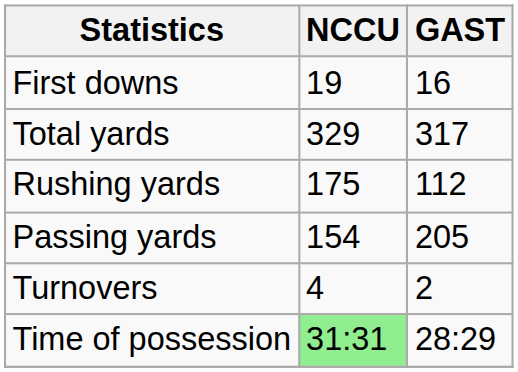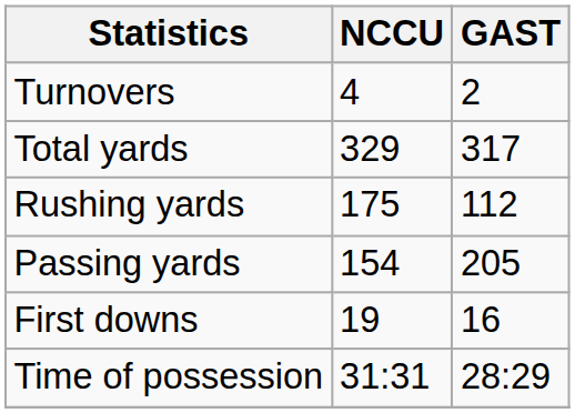 <table class="wikitable" style="float: left;">
 <tr>
 <th>Statistics</th>
 <th>NCCU</th>
 <th>GAST</th>
 </tr>
 <tr>
-<td>First downs</td>
-<td>19</td>
-<td>16</td>
+<td>Turnovers</td>
+<td>4</td>
+<td>2</td>
 </tr>
 <tr>
 <td>Total yards</td>
 <td>329</td>
 <td>317</td>
 </tr>
 <tr>
 <td>Rushing yards</td>
 <td>175</td>
 <td>112</td>
 </tr>
 <tr>
 <td>Passing yards</td>
 <td>154</td>
 <td>205</td>
 </tr>
 <tr>
-<td>Turnovers</td>
-<td>4</td>
-<td>2</td>
+<td>First downs</td>
+<td>19</td>
+<td>16</td>
 </tr>
 <tr>
 <td>Time of possession</td>
-<td style="background: lightgreen;">31:31</td>
+<td>31:31</td>
 <td>28:29</td>
 </tr>
 <tr>
 </tr>
 </table>
